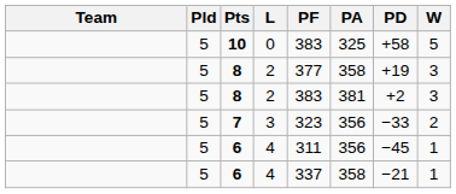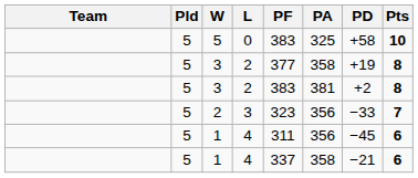 <table class="wikitable" style="text-align:center;">
 <tr>
 <th width=170>Team</th>
 <th width=25>Pld</th>
-<th width=25>Pts</th>
+<th width=25>W</th>
 <th width=25>L</th>
 <th width=35>PF</th>
 <th width=35>PA</th>
 <th width=35>PD</th>
-<th width=25>W</th>
+<th width=25>Pts</th>
 </tr>
 <tr -style="background: #ccffcc;">
 <td align="left"></td>
 <td>5</td>
-<td><strong>10</strong></td>
+<td>5</td>
 <td>0</td>
 <td>383</td>
 <td>325</td>
 <td>+58</td>
-<td>5</td>
+<td><strong>10</strong></td>
 </tr>
 <tr -style="background: #ccffcc;">
 <td align="left"></td>
 <td>5</td>
-<td><strong>8</strong></td>
+<td>3</td>
 <td>2</td>
 <td>377</td>
 <td>358</td>
 <td>+19</td>
-<td>3</td>
+<td><strong>8</strong></td>
 </tr>
 <tr -style="background: #ccffcc;">
 <td align="left"></td>
 <td>5</td>
-<td><strong>8</strong></td>
+<td>3</td>
 <td>2</td>
 <td>383</td>
 <td>381</td>
 <td>+2</td>
-<td>3</td>
+<td><strong>8</strong></td>
 </tr>
 <tr -style="background: #ccffcc;">
 <td align="left"></td>
 <td>5</td>
-<td><strong>7</strong></td>
+<td>2</td>
 <td>3</td>
 <td>323</td>
 <td>356</td>
 <td>−33</td>
-<td>2</td>
+<td><strong>7</strong></td>
 </tr>
 <tr -style="background: #ffcccc;">
 <td align="left"></td>
 <td>5</td>
-<td><strong>6</strong></td>
+<td>1</td>
 <td>4</td>
 <td>311</td>
 <td>356</td>
 <td>−45</td>
-<td>1</td>
+<td><strong>6</strong></td>
 </tr>
 <tr -style="background: #ffcccc;">
 <td align="left"></td>
 <td>5</td>
-<td><strong>6</strong></td>
+<td>1</td>
 <td>4</td>
 <td>337</td>
 <td>358</td>
 <td>−21</td>
-<td>1</td>
+<td><strong>6</strong></td>
 </tr>
 </table>
